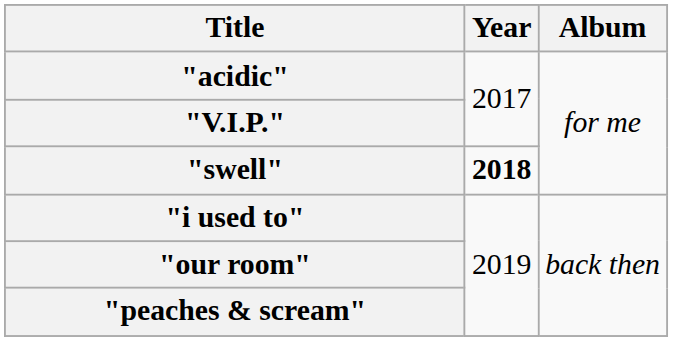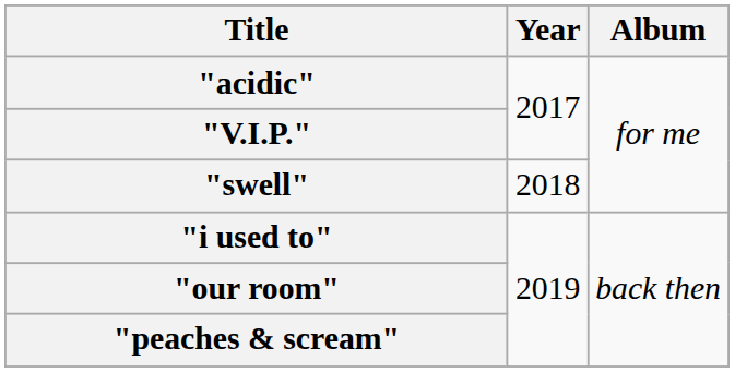 <table class="wikitable plainrowheaders" style="text-align:center;">
 <tr>
 <th scope="col" style="width:15em;">Title</th>
 <th scope="col">Year</th>
 <th scope="col">Album</th>
 </tr>
 <tr>
 <th scope="row">"acidic"</th>
 <td rowspan="2">2017</td>
 <td rowspan="3"><em>for me</em></td>
 </tr>
 <tr>
 <th scope="row">"V.I.P."</th>
 </tr>
 <tr>
 <th scope="row">"swell"</th>
-<td rowspan="1"><strong>2018</strong></td>
+<td rowspan="1">2018</td>
 </tr>
 <tr>
 <th scope="row">"i used to"<br></th>
 <td rowspan="3">2019</td>
 <td rowspan="3"><em>back then</em></td>
 </tr>
 <tr>
 <th scope="row">"our room"</th>
 </tr>
 <tr>
 <th scope="row">"peaches & scream"<br></th>
 </tr>
 </table>
